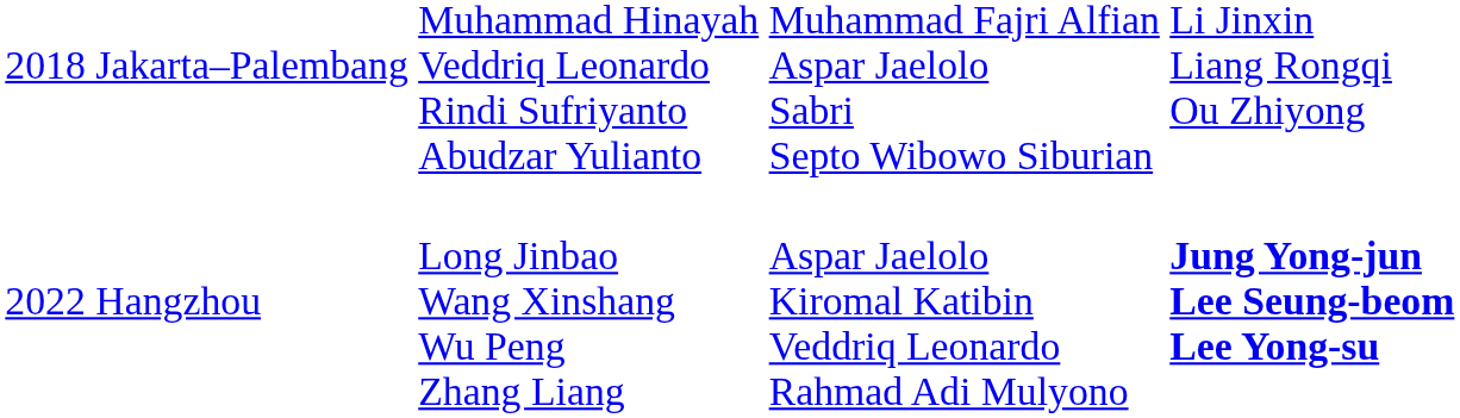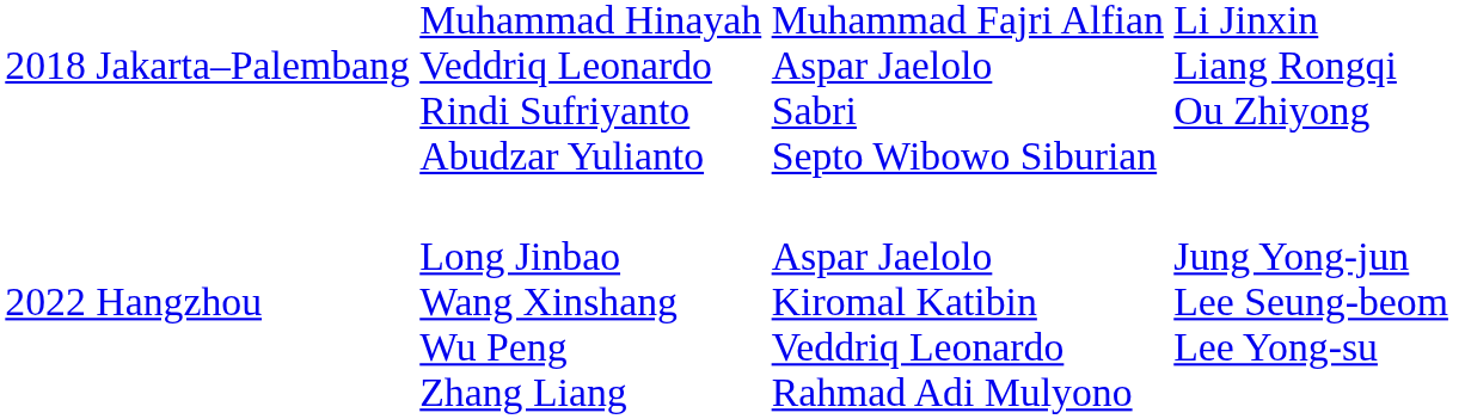 <table>
 <tr>
 <td><a href='#'>2018 Jakarta–Palembang</a></td>
 <td><br><a href='#'>Muhammad Hinayah</a><br><a href='#'>Veddriq Leonardo</a><br><a href='#'>Rindi Sufriyanto</a><br><a href='#'>Abudzar Yulianto</a></td>
 <td><br><a href='#'>Muhammad Fajri Alfian</a><br><a href='#'>Aspar Jaelolo</a><br><a href='#'>Sabri</a><br><a href='#'>Septo Wibowo Siburian</a></td>
 <td valign=top><br><a href='#'>Li Jinxin</a><br><a href='#'>Liang Rongqi</a><br><a href='#'>Ou Zhiyong</a></td>
 </tr>
 <tr>
 <td><a href='#'>2022 Hangzhou</a></td>
 <td><br><a href='#'>Long Jinbao</a><br><a href='#'>Wang Xinshang</a><br><a href='#'>Wu Peng</a><br><a href='#'>Zhang Liang</a></td>
 <td><br><a href='#'>Aspar Jaelolo</a><br><a href='#'>Kiromal Katibin</a><br><a href='#'>Veddriq Leonardo</a><br><a href='#'>Rahmad Adi Mulyono</a></td>
-<td valign=top><strong><br><a href='#'>Jung Yong-jun</a><br><a href='#'>Lee Seung-beom</a><br><a href='#'>Lee Yong-su</a></strong></td>
+<td valign=top><br><a href='#'>Jung Yong-jun</a><br><a href='#'>Lee Seung-beom</a><br><a href='#'>Lee Yong-su</a></td>
 </tr>
 </table>
